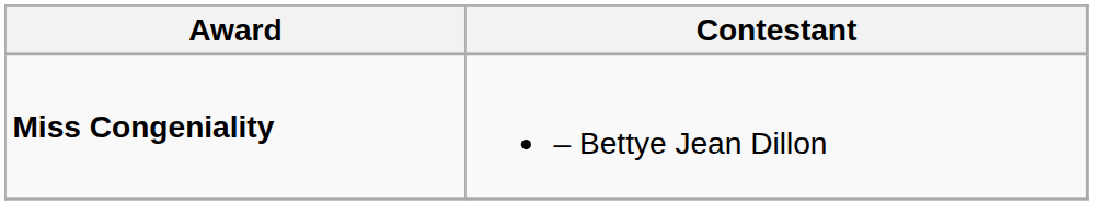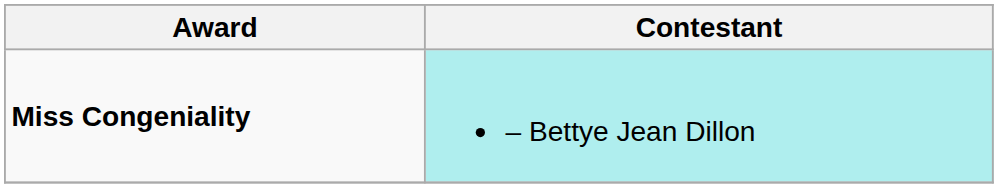 <table class="wikitable sortable" style="font-size:95%;">
 <tr>
 <th width="220">Award</th>
 <th width="300">Contestant</th>
 </tr>
 <tr>
 <td><strong>Miss Congeniality</strong></td>
-<td><br><ul><li><strong></strong> – Bettye Jean Dillon</li></ul></td>
+<td style="background: paleturquoise;"><br><ul><li><strong></strong> – Bettye Jean Dillon</li></ul></td>
 </tr>
 <tr>
 </tr>
 </table>
